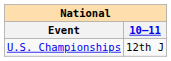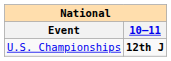 <table class="wikitable" style="text-align:center">
 <tr>
 <th colspan="2" style="background-color: #ffdead; " align="center">National</th>
 </tr>
 <tr>
 <th>Event</th>
 <th><a href='#'>10–11</a></th>
 </tr>
 <tr>
 <td align=left><a href='#'>U.S. Championships</a></td>
-<td>12th J</td>
+<td><strong>12th J</strong></td>
 </tr>
 </table>
